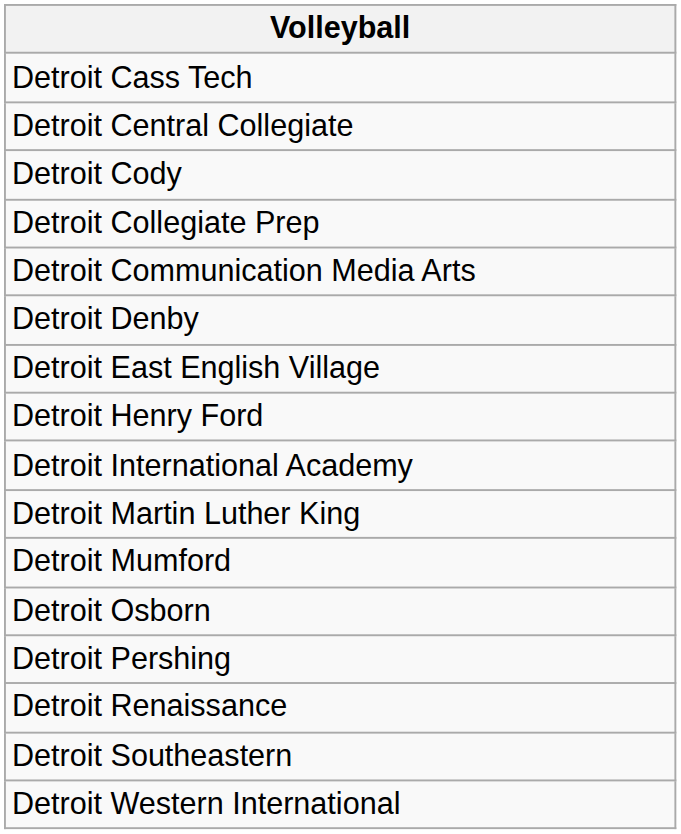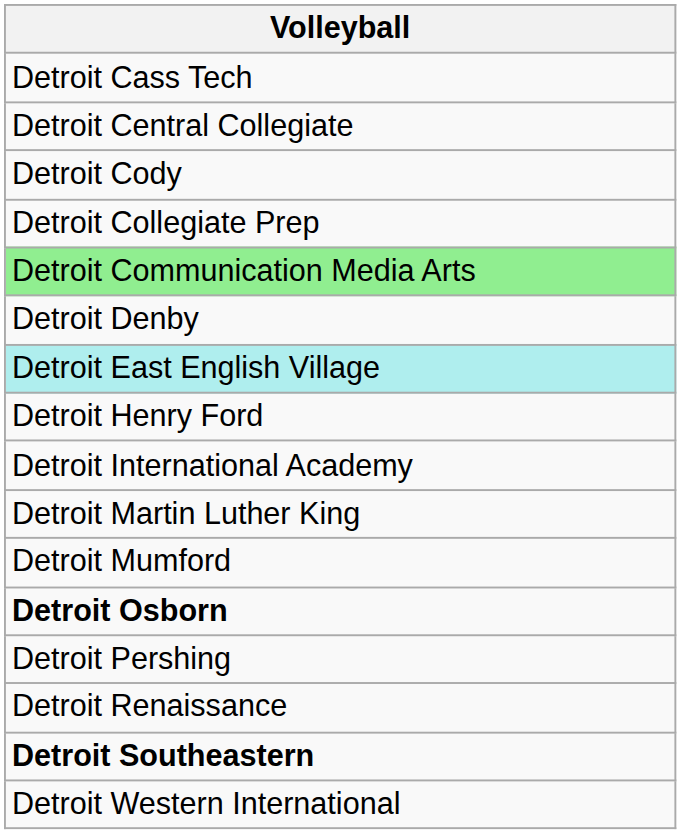 <table class="wikitable collapsible collapsed" style="width:22em">
 <tr>
 <th align=center>Volleyball</th>
 </tr>
 <tr>
 <td>Detroit Cass Tech</td>
 </tr>
 <tr>
 <td>Detroit Central Collegiate</td>
 </tr>
 <tr>
 <td>Detroit Cody</td>
 </tr>
 <tr>
 <td>Detroit Collegiate Prep</td>
 </tr>
 <tr>
-<td>Detroit Communication Media Arts</td>
+<td style="background: lightgreen;">Detroit Communication Media Arts</td>
 </tr>
 <tr>
 <td>Detroit Denby</td>
 </tr>
 <tr>
-<td>Detroit East English Village</td>
+<td style="background: paleturquoise;">Detroit East English Village</td>
 </tr>
 <tr>
 <td>Detroit Henry Ford</td>
 </tr>
 <tr>
 <td>Detroit International Academy</td>
 </tr>
 <tr>
 <td>Detroit Martin Luther King</td>
 </tr>
 <tr>
 <td>Detroit Mumford</td>
 </tr>
 <tr>
-<td>Detroit Osborn</td>
+<td><strong>Detroit Osborn</strong></td>
 </tr>
 <tr>
 <td>Detroit Pershing</td>
 </tr>
 <tr>
 <td>Detroit Renaissance</td>
 </tr>
 <tr>
-<td>Detroit Southeastern</td>
+<td><strong>Detroit Southeastern</strong></td>
 </tr>
 <tr>
 <td>Detroit Western International</td>
 </tr>
 </table>
